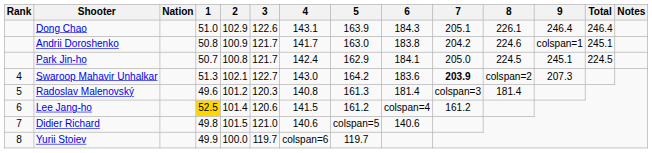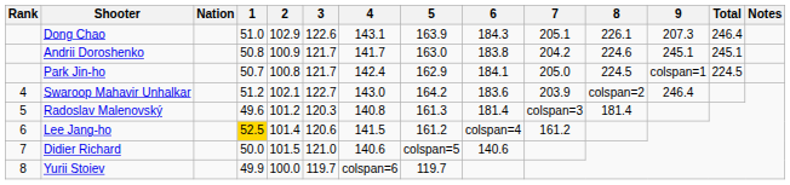 <table class="wikitable sortable" style="text-align:center">
 <tr>
 <th>Rank</th>
 <th>Shooter</th>
 <th>Nation</th>
 <th class="sortable">1</th>
 <th class="sortable">2</th>
 <th class="sortable">3</th>
 <th class="sortable">4</th>
 <th class="sortable">5</th>
 <th class="sortable">6</th>
 <th class="sortable">7</th>
 <th class="sortable">8</th>
 <th class="sortable">9</th>
 <th>Total</th>
 <th class="unsortable">Notes</th>
 </tr>
 <tr>
 <td></td>
 <td align=left><a href='#'>Dong Chao</a></td>
 <td align=left></td>
 <td>51.0</td>
 <td>102.9</td>
 <td>122.6</td>
 <td>143.1</td>
 <td>163.9</td>
 <td>184.3</td>
 <td>205.1</td>
 <td>226.1</td>
-<td>246.4</td>
+<td>207.3</td>
 <td>246.4</td>
 <td></td>
 </tr>
 <tr>
 <td></td>
 <td align=left><a href='#'>Andrii Doroshenko</a></td>
 <td align=left></td>
 <td>50.8</td>
 <td>100.9</td>
 <td>121.7</td>
 <td>141.7</td>
 <td>163.0</td>
 <td>183.8</td>
 <td>204.2</td>
 <td>224.6</td>
-<td>colspan=1 </td>
+<td>245.1</td>
 <td>245.1</td>
 <td></td>
 </tr>
 <tr>
 <td></td>
 <td align=left><a href='#'>Park Jin-ho</a></td>
 <td align=left></td>
 <td>50.7</td>
 <td>100.8</td>
 <td>121.7</td>
 <td>142.4</td>
 <td>162.9</td>
 <td>184.1</td>
 <td>205.0</td>
 <td>224.5</td>
-<td>245.1</td>
+<td>colspan=1 </td>
 <td>224.5</td>
 <td></td>
 </tr>
 <tr>
 <td>4</td>
 <td align=left><a href='#'>Swaroop Mahavir Unhalkar</a></td>
 <td align=left></td>
-<td>51.3</td>
+<td>51.2</td>
 <td>102.1</td>
 <td>122.7</td>
 <td>143.0</td>
 <td>164.2</td>
 <td>183.6</td>
-<td><strong>203.9</strong></td>
+<td>203.9</td>
 <td>colspan=2 </td>
-<td>207.3</td>
+<td>246.4</td>
 <td></td>
 </tr>
 <tr>
 <td>5</td>
 <td align=left><a href='#'>Radoslav Malenovský</a></td>
 <td align=left></td>
 <td>49.6</td>
 <td>101.2</td>
 <td>120.3</td>
 <td>140.8</td>
 <td>161.3</td>
 <td>181.4</td>
 <td>colspan=3 </td>
 <td>181.4</td>
 <td></td>
 </tr>
 <tr>
 <td>6</td>
 <td align=left><a href='#'>Lee Jang-ho</a></td>
 <td align=left></td>
 <td style="background: gold;">52.5</td>
 <td>101.4</td>
 <td>120.6</td>
 <td>141.5</td>
 <td>161.2</td>
 <td>colspan=4 </td>
 <td>161.2</td>
 <td></td>
 </tr>
 <tr>
 <td>7</td>
 <td align=left><a href='#'>Didier Richard</a></td>
 <td align=left></td>
-<td>49.8</td>
+<td>50.0</td>
 <td>101.5</td>
 <td>121.0</td>
 <td>140.6</td>
 <td>colspan=5 </td>
 <td>140.6</td>
 <td></td>
 </tr>
 <tr>
 <td>8</td>
 <td align=left><a href='#'>Yurii Stoiev</a></td>
 <td align=left></td>
 <td>49.9</td>
 <td>100.0</td>
 <td>119.7</td>
 <td>colspan=6 </td>
 <td>119.7</td>
 <td></td>
 </tr>
 </table>
